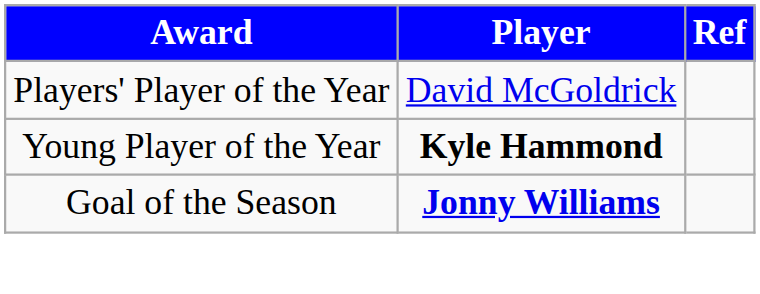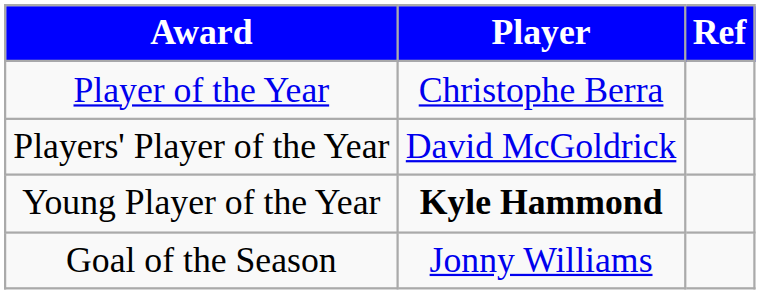 <table class="wikitable" style="text-align:center">
 <tr>
 <th style="background:blue; color:white; width=0%">Award</th>
 <th style="background:blue; color:white; width=0%">Player</th>
 <th style="background:blue; color:white; width=0%">Ref</th>
+</tr>
+<tr>
+<td><a href='#'>Player of the Year</a></td>
+<td> <a href='#'>Christophe Berra</a></td>
+<td></td>
 </tr>
 <tr>
 <td>Players' Player of the Year</td>
 <td> <a href='#'>David McGoldrick</a></td>
 <td></td>
 </tr>
 <tr>
 <td>Young Player of the Year</td>
 <td><strong> Kyle Hammond</strong></td>
 <td></td>
 </tr>
 <tr>
 <td>Goal of the Season</td>
-<td><strong> <a href='#'>Jonny Williams</a></strong></td>
+<td> <a href='#'>Jonny Williams</a></td>
 <td></td>
 </tr>
 </table>
